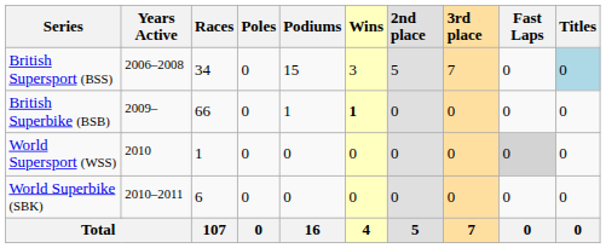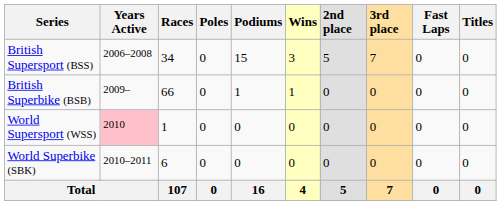 <table class="wikitable">
 <tr>
 <th colspan=2>Series</th>
 <th>Years Active</th>
 <th>Races</th>
 <th>Poles</th>
 <th>Podiums</th>
 <td style="background:#ffffbf;"><strong>Wins</strong></td>
 <td style="background:#DFDFDF;"><strong>2nd place</strong></td>
 <td style="background:#FFDF9F;"><strong>3rd place</strong></td>
 <th>Fast Laps</th>
 <th>Titles</th>
 </tr>
 <tr>
 <td colspan=2><a href='#'>British Supersport</a> <small>(BSS)</small></td>
 <td><sup>2006–2008</sup></td>
 <td>34</td>
 <td>0</td>
 <td>15</td>
 <td style="background:#ffffbf;">3</td>
 <td style="background:#DFDFDF;">5</td>
 <td style="background:#FFDF9F;">7</td>
 <td>0</td>
-<td style="background: lightblue;">0</td>
+<td>0</td>
 </tr>
 <tr>
 <td colspan=2><a href='#'>British Superbike</a> <small>(BSB)</small></td>
 <td><sup>2009–</sup></td>
 <td>66</td>
 <td>0</td>
 <td>1</td>
-<td style="background:#ffffbf;"><strong>1</strong></td>
+<td style="background:#ffffbf;">1</td>
 <td style="background:#DFDFDF;">0</td>
 <td style="background:#FFDF9F;">0</td>
 <td>0</td>
 <td>0</td>
 </tr>
 <tr>
 <td colspan=2><a href='#'>World Supersport</a> <small>(WSS)</small></td>
-<td><sup>2010</sup></td>
+<td style="background: pink;"><sup>2010</sup></td>
 <td>1</td>
 <td>0</td>
 <td>0</td>
 <td style="background:#ffffbf;">0</td>
 <td style="background:#DFDFDF;">0</td>
 <td style="background:#FFDF9F;">0</td>
-<td style="background: lightgrey;">0</td>
+<td>0</td>
 <td>0</td>
 </tr>
 <tr>
 <td colspan=2><a href='#'>World Superbike</a> <small>(SBK)</small></td>
 <td><sup>2010–2011</sup></td>
 <td>6</td>
 <td>0</td>
 <td>0</td>
 <td style="background:#ffffbf;">0</td>
 <td style="background:#DFDFDF;">0</td>
 <td style="background:#FFDF9F;">0</td>
 <td>0</td>
 <td>0</td>
 </tr>
 <tr>
 <th colspan=3>Total</th>
 <th>107</th>
 <th>0</th>
 <th>16</th>
 <th style="background:#ffffbf;">4</th>
 <th style="background:#DFDFDF;">5</th>
 <th style="background:#FFDF9F;">7</th>
 <th>0</th>
 <th>0</th>
 </tr>
 </table>
